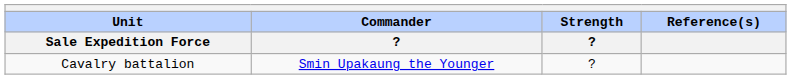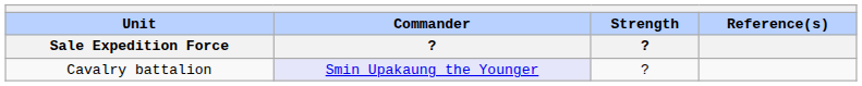 <table class="wikitable collapsible" style="min-width:60em; margin:0.3em auto; font-size:88%;">
 <tr>
 <th colspan=5></th>
 </tr>
 <tr>
 <th style="background-color:#B9D1FF">Unit</th>
 <th style="background-color:#B9D1FF">Commander</th>
 <th style="background-color:#B9D1FF">Strength</th>
 <th style="background-color:#B9D1FF">Reference(s)</th>
 </tr>
 <tr>
 <th colspan="1">Sale Expedition Force</th>
 <th colspan="1">?</th>
 <th colspan="1">?</th>
 <th colspan="1"></th>
 </tr>
 <tr>
 <td align="center">Cavalry battalion</td>
-<td align="center"><a href='#'>Smin Upakaung the Younger</a></td>
+<td align="center" style="background: lavender;"><a href='#'>Smin Upakaung the Younger</a></td>
 <td align="center">?</td>
 <td align="center"></td>
 </tr>
 </table>
